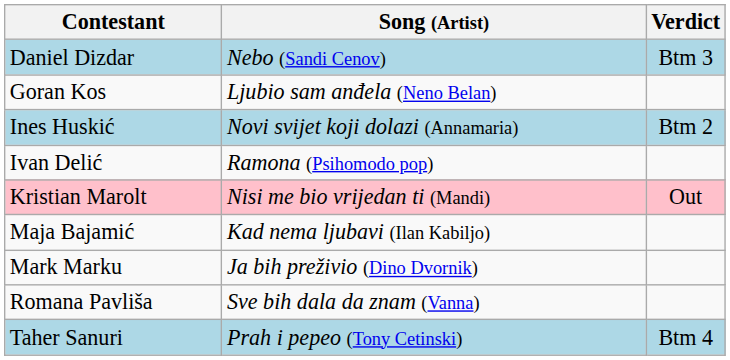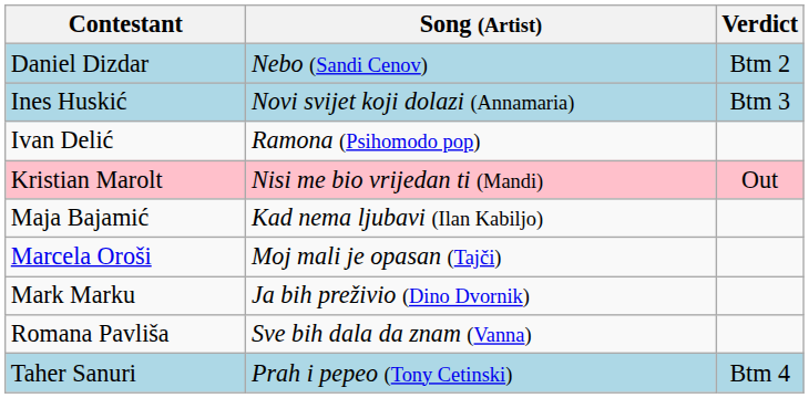 <table class="wikitable">
 <tr>
 <th width="150">Contestant</th>
 <th width="300">Song <small>(Artist)</small></th>
 <th width="28">Verdict</th>
 </tr>
 <tr bgcolor="lightblue">
 <td align="left">Daniel Dizdar</td>
 <td align="left"><em>Nebo</em> <small>(<a href='#'>Sandi Cenov</a>)</small></td>
-<td align="center">Btm 3</td>
-</tr>
-<tr>
-<td align="left">Goran Kos</td>
-<td align="left"><em>Ljubio sam anđela</em> <small>(<a href='#'>Neno Belan</a>)</small></td>
-<td align="center"></td>
+<td align="center">Btm 2</td>
 </tr>
 <tr bgcolor="lightblue">
 <td align="left">Ines Huskić</td>
 <td align="left"><em>Novi svijet koji dolazi</em> <small>(Annamaria)</small></td>
-<td align="center">Btm 2</td>
+<td align="center">Btm 3</td>
 </tr>
 <tr>
 <td align="left">Ivan Delić</td>
 <td align="left"><em>Ramona</em> <small>(<a href='#'>Psihomodo pop</a>)</small></td>
 <td align="center"></td>
 </tr>
 <tr bgcolor="pink">
 <td align="left">Kristian Marolt</td>
 <td align="left"><em>Nisi me bio vrijedan ti</em> <small>(Mandi)</small></td>
 <td align="center">Out</td>
 </tr>
 <tr>
 <td align="left">Maja Bajamić</td>
 <td align="left"><em>Kad nema ljubavi</em> <small>(Ilan Kabiljo)</small></td>
+<td align="center"></td>
+</tr>
+<tr>
+<td align="left"><a href='#'>Marcela Oroši</a></td>
+<td align="left"><em> Moj mali je opasan</em> <small>(<a href='#'>Tajči</a>)</small></td>
 <td align="center"></td>
 </tr>
 <tr>
 <td align="left">Mark Marku</td>
 <td align="left"><em>Ja bih preživio</em> <small>(<a href='#'>Dino Dvornik</a>)</small></td>
 <td align="center"></td>
 </tr>
 <tr>
 <td align="left">Romana Pavliša</td>
 <td align="left"><em>Sve bih dala da znam</em> <small>(<a href='#'>Vanna</a>)</small></td>
 <td align="center"></td>
 </tr>
 <tr bgcolor="lightblue">
 <td align="left">Taher Sanuri</td>
 <td align="left"><em>Prah i pepeo</em> <small>(<a href='#'>Tony Cetinski</a>)</small></td>
 <td align="center">Btm 4</td>
 </tr>
 </table>
